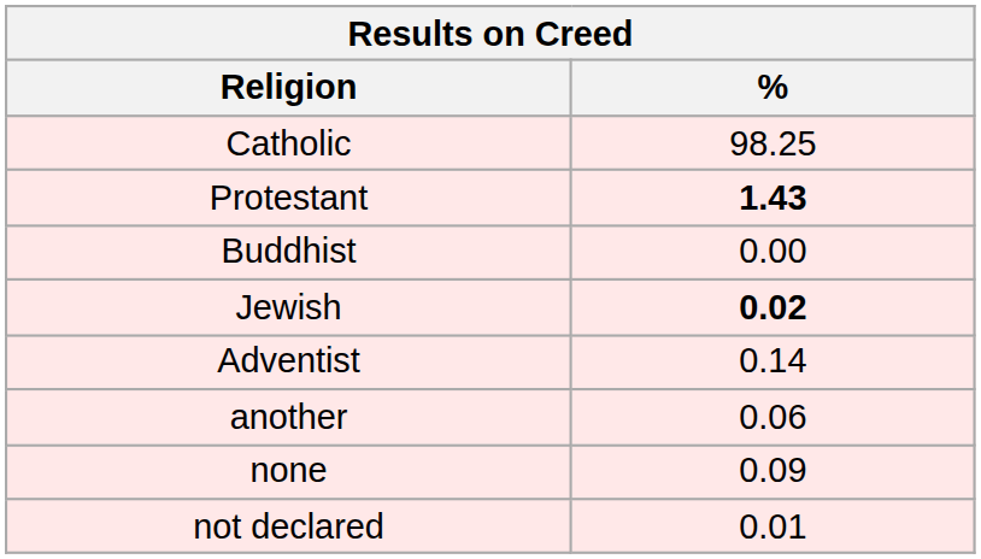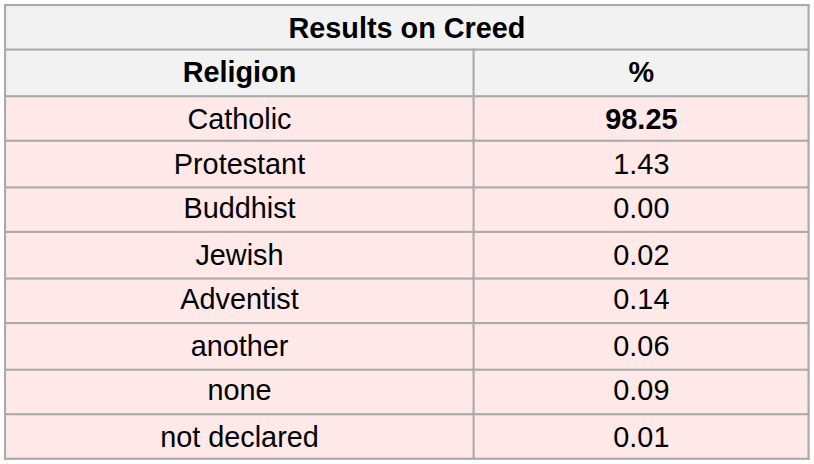 <table class="wikitable" id="cx172" style="text-align:center;clear:all; margin-right:8px; font-size:85%;" width="24%">
 <tr>
 <th colspan="8">Results on Creed</th>
 </tr>
 <tr>
 <th width="35%">Religion</th>
 <th width="25%">%</th>
 </tr>
 <tr bgcolor="#FFE8E8">
 <td>Catholic</td>
-<td align="center">98.25</td>
+<td align="center"><strong>98.25</strong></td>
 </tr>
 <tr bgcolor="#FFE8E8">
 <td>Protestant</td>
-<td align="center"><strong>1.43</strong></td>
+<td align="center">1.43</td>
 </tr>
 <tr bgcolor="#FFE8E8">
 <td>Buddhist</td>
 <td align="center">0.00</td>
 </tr>
 <tr bgcolor="#FFE8E8">
 <td>Jewish</td>
-<td align="center"><strong>0.02</strong></td>
+<td align="center">0.02</td>
 </tr>
 <tr bgcolor="#FFE8E8">
 <td>Adventist</td>
 <td align="center">0.14</td>
 </tr>
 <tr bgcolor="#FFE8E8">
 <td>another</td>
 <td align="center">0.06</td>
 </tr>
 <tr bgcolor="#FFE8E8">
 <td>none</td>
 <td align="center">0.09</td>
 </tr>
 <tr bgcolor="#FFE8E8">
 <td>not declared</td>
 <td align="center">0.01</td>
 </tr>
 </table>
